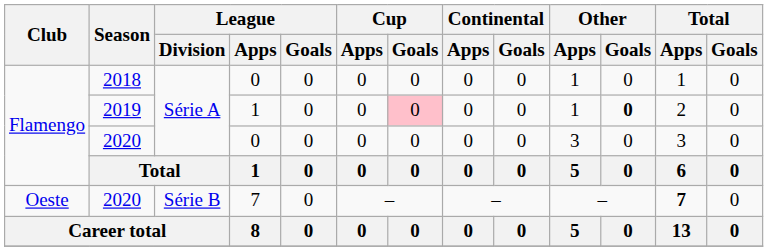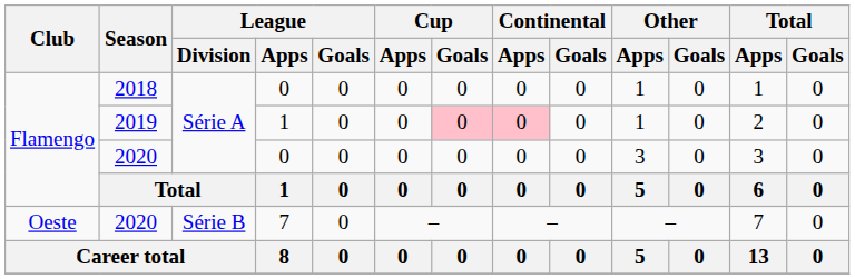 <table class="wikitable" style="text-align: center;">
 <tr>
 <th rowspan="2">Club</th>
 <th rowspan="2">Season</th>
 <th colspan="3">League</th>
 <th colspan="2">Cup</th>
 <th colspan="2">Continental</th>
 <th colspan="2">Other</th>
 <th colspan="2">Total</th>
 </tr>
 <tr>
 <th>Division</th>
 <th>Apps</th>
 <th>Goals</th>
 <th>Apps</th>
 <th>Goals</th>
 <th>Apps</th>
 <th>Goals</th>
 <th>Apps</th>
 <th>Goals</th>
 <th>Apps</th>
 <th>Goals</th>
 </tr>
 <tr>
 <td rowspan="4"><a href='#'>Flamengo</a></td>
 <td><a href='#'>2018</a></td>
 <td rowspan="3"><a href='#'>Série A</a></td>
 <td>0</td>
 <td>0</td>
 <td>0</td>
 <td>0</td>
 <td>0</td>
 <td>0</td>
 <td>1</td>
 <td>0</td>
 <td>1</td>
 <td>0</td>
 </tr>
 <tr>
 <td><a href='#'>2019</a></td>
 <td>1</td>
 <td>0</td>
 <td>0</td>
 <td style="background: pink;">0</td>
-<td>0</td>
+<td style="background: pink;">0</td>
 <td>0</td>
 <td>1</td>
-<td><strong>0</strong></td>
+<td>0</td>
 <td>2</td>
 <td>0</td>
 </tr>
 <tr>
 <td><a href='#'>2020</a></td>
 <td>0</td>
 <td>0</td>
 <td>0</td>
 <td>0</td>
 <td>0</td>
 <td>0</td>
 <td>3</td>
 <td>0</td>
 <td>3</td>
 <td>0</td>
 </tr>
 <tr>
 <th colspan="2">Total</th>
 <th>1</th>
 <th>0</th>
 <th>0</th>
 <th>0</th>
 <th>0</th>
 <th>0</th>
 <th>5</th>
 <th>0</th>
 <th>6</th>
 <th>0</th>
 </tr>
 <tr>
 <td rowspan="1"><a href='#'>Oeste</a></td>
 <td><a href='#'>2020</a></td>
 <td rowspan="1"><a href='#'>Série B</a></td>
 <td>7</td>
 <td>0</td>
 <td colspan="2">–</td>
 <td colspan="2">–</td>
 <td colspan="2">–</td>
-<td><strong>7</strong></td>
+<td>7</td>
 <td>0</td>
 </tr>
 <tr>
 <th colspan="3">Career total</th>
 <th>8</th>
 <th>0</th>
 <th>0</th>
 <th>0</th>
 <th>0</th>
 <th>0</th>
 <th>5</th>
 <th>0</th>
 <th>13</th>
 <th>0</th>
 </tr>
 <tr>
 </tr>
 </table>
